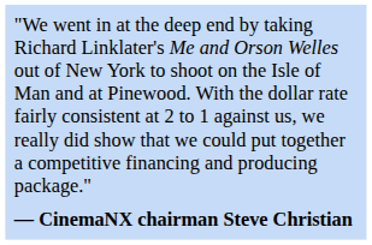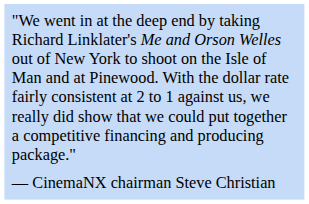 <table class="toccolours" style="float: right; margin-left: 1em; margin-right: 2em; font-size: 85%; background:#c6dbf7; color:black; width:28em; max-width: 40%;" cellspacing="5">
 <tr>
 <td style="text-align: left;">"We went in at the deep end by taking Richard Linklater's <em>Me and Orson Welles</em> out of New York to shoot on the Isle of Man and at Pinewood. With the dollar rate fairly consistent at 2 to 1 against us, we really did show that we could put together a competitive financing and producing package."</td>
 </tr>
 <tr>
-<td style="text-align: left;"><strong>— CinemaNX chairman Steve Christian</strong></td>
+<td style="text-align: left;">— CinemaNX chairman Steve Christian</td>
 </tr>
 </table>
